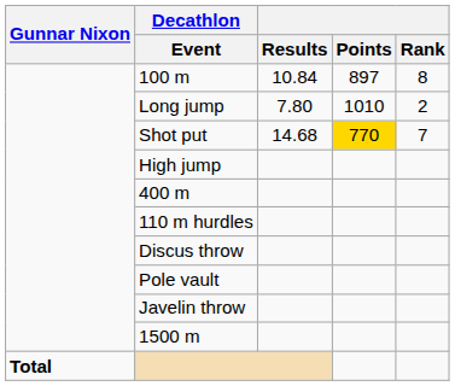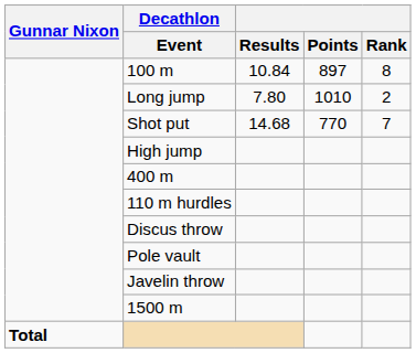 <table class=wikitable style="font-size:90%;">
 <tr>
 <th rowspan="2"><a href='#'>Gunnar Nixon</a></th>
 <th><a href='#'>Decathlon</a></th>
 <th colspan="3"></th>
 </tr>
 <tr>
 <th>Event</th>
 <th>Results</th>
 <th>Points</th>
 <th>Rank</th>
 </tr>
 <tr style="border-top: single;">
 <td rowspan="10"></td>
 <td>100 m</td>
 <td align=center>10.84</td>
 <td align=center>897</td>
 <td align=center>8</td>
 </tr>
 <tr>
 <td>Long jump</td>
 <td align=center>7.80</td>
 <td align=center>1010</td>
 <td align=center>2</td>
 </tr>
 <tr>
 <td>Shot put</td>
 <td align=center>14.68</td>
-<td align=center style="background: gold;">770</td>
+<td align=center>770</td>
 <td align=center>7</td>
 </tr>
 <tr>
 <td>High jump</td>
 <td align=center></td>
 <td align=center></td>
 <td align=center></td>
 </tr>
 <tr>
 <td>400 m</td>
 <td align=center></td>
 <td align=center></td>
 <td align=center></td>
 </tr>
 <tr>
 <td>110 m hurdles</td>
 <td align=center></td>
 <td align=center></td>
 <td align=center></td>
 </tr>
 <tr>
 <td>Discus throw</td>
 <td align=center></td>
 <td align=center></td>
 <td align=center></td>
 </tr>
 <tr>
 <td>Pole vault</td>
 <td align=center></td>
 <td align=center></td>
 <td align=center></td>
 </tr>
 <tr>
 <td>Javelin throw</td>
 <td align=center></td>
 <td align=center></td>
 <td align=center></td>
 </tr>
 <tr>
 <td>1500 m</td>
 <td align=center></td>
 <td align=center></td>
 <td align=center></td>
 </tr>
 <tr style="border-top: single;">
 <td><strong>Total</strong></td>
 <td colspan="2" style="background:wheat;"></td>
 <td align=center></td>
 <td align=center></td>
 </tr>
 </table>
